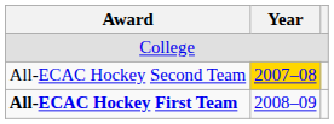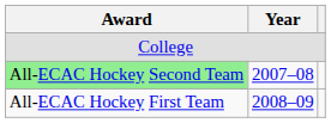 <table class="wikitable">
 <tr>
 <th>Award</th>
 <th>Year</th>
 <th></th>
 </tr>
 <tr ALIGN="center" bgcolor="#e0e0e0">
 <td colspan="3"><a href='#'>College</a></td>
 </tr>
 <tr>
-<td>All-<a href='#'>ECAC Hockey</a> <a href='#'>Second Team</a></td>
-<td style="background: gold;"><a href='#'>2007–08</a></td>
+<td style="background: lightgreen;">All-<a href='#'>ECAC Hockey</a> <a href='#'>Second Team</a></td>
+<td><a href='#'>2007–08</a></td>
 <td></td>
 </tr>
 <tr>
-<td><strong>All-<a href='#'>ECAC Hockey</a> <a href='#'>First Team</a></strong></td>
+<td>All-<a href='#'>ECAC Hockey</a> <a href='#'>First Team</a></td>
 <td><a href='#'>2008–09</a></td>
 <td></td>
 </tr>
 </table>
